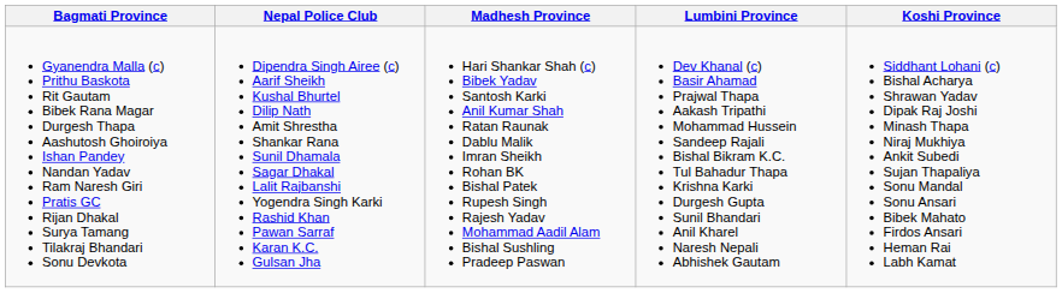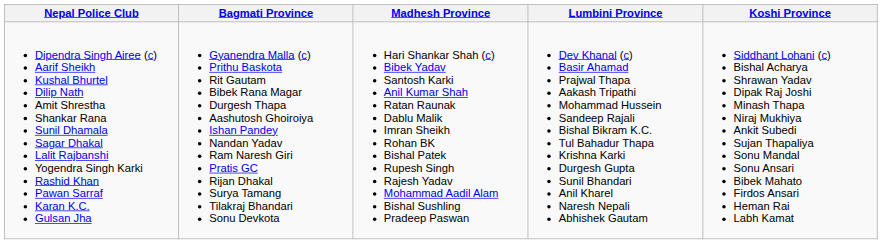 <table class="wikitable">
 <tr>
+<th width="250px"><a href='#'>Nepal Police Club</a></th>
 <th width="250px"><a href='#'>Bagmati Province</a></th>
-<th width="250px"><a href='#'>Nepal Police Club</a></th>
 <th width="250px"><a href='#'>Madhesh Province</a></th>
 <th width="250px"><a href='#'>Lumbini Province</a></th>
 <th width="250px"><a href='#'>Koshi Province</a></th>
 </tr>
 <tr>
+<td><br><ul><li><a href='#'>Dipendra Singh Airee</a> (<a href='#'>c</a>)</li><li><a href='#'>Aarif Sheikh</a></li><li><a href='#'>Kushal Bhurtel</a></li><li><a href='#'>Dilip Nath</a></li><li>Amit Shrestha</li><li>Shankar Rana</li><li><a href='#'>Sunil Dhamala</a></li><li><a href='#'>Sagar Dhakal</a></li><li><a href='#'>Lalit Rajbanshi</a></li><li>Yogendra Singh Karki</li><li><a href='#'>Rashid Khan</a></li><li><a href='#'>Pawan Sarraf</a></li><li><a href='#'>Karan K.C.</a></li><li><a href='#'>Gulsan Jha</a></li></ul></td>
 <td><br><ul><li><a href='#'>Gyanendra Malla</a> (<a href='#'>c</a>)</li><li><a href='#'>Prithu Baskota</a></li><li>Rit Gautam</li><li>Bibek Rana Magar</li><li>Durgesh Thapa</li><li>Aashutosh Ghoiroiya</li><li><a href='#'>Ishan Pandey</a></li><li>Nandan Yadav</li><li>Ram Naresh Giri</li><li><a href='#'>Pratis GC</a></li><li>Rijan Dhakal</li><li>Surya Tamang</li><li>Tilakraj Bhandari</li><li>Sonu Devkota</li></ul></td>
-<td><br><ul><li><a href='#'>Dipendra Singh Airee</a> (<a href='#'>c</a>)</li><li><a href='#'>Aarif Sheikh</a></li><li><a href='#'>Kushal Bhurtel</a></li><li><a href='#'>Dilip Nath</a></li><li>Amit Shrestha</li><li>Shankar Rana</li><li><a href='#'>Sunil Dhamala</a></li><li><a href='#'>Sagar Dhakal</a></li><li><a href='#'>Lalit Rajbanshi</a></li><li>Yogendra Singh Karki</li><li><a href='#'>Rashid Khan</a></li><li><a href='#'>Pawan Sarraf</a></li><li><a href='#'>Karan K.C.</a></li><li><a href='#'>Gulsan Jha</a></li></ul></td>
 <td><br><ul><li>Hari Shankar Shah (<a href='#'>c</a>)</li><li><a href='#'>Bibek Yadav</a></li><li>Santosh Karki</li><li><a href='#'>Anil Kumar Shah</a></li><li>Ratan Raunak</li><li>Dablu Malik</li><li>Imran Sheikh</li><li>Rohan BK</li><li>Bishal Patek</li><li>Rupesh Singh</li><li>Rajesh Yadav</li><li><a href='#'>Mohammad Aadil Alam</a></li><li>Bishal Sushling</li><li>Pradeep Paswan</li></ul></td>
 <td><br><ul><li><a href='#'>Dev Khanal</a> (<a href='#'>c</a>)</li><li><a href='#'>Basir Ahamad</a></li><li>Prajwal Thapa</li><li>Aakash Tripathi</li><li>Mohammad Hussein</li><li>Sandeep Rajali</li><li>Bishal Bikram K.C.</li><li>Tul Bahadur Thapa</li><li>Krishna Karki</li><li>Durgesh Gupta</li><li>Sunil Bhandari</li><li>Anil Kharel</li><li>Naresh Nepali</li><li>Abhishek Gautam</li></ul></td>
 <td><br><ul><li><a href='#'>Siddhant Lohani</a> (<a href='#'>c</a>)</li><li>Bishal Acharya</li><li>Shrawan Yadav</li><li>Dipak Raj Joshi</li><li>Minash Thapa</li><li>Niraj Mukhiya</li><li>Ankit Subedi</li><li>Sujan Thapaliya</li><li>Sonu Mandal</li><li>Sonu Ansari</li><li>Bibek Mahato</li><li>Firdos Ansari</li><li>Heman Rai</li><li>Labh Kamat</li></ul></td>
 </tr>
 </table>
